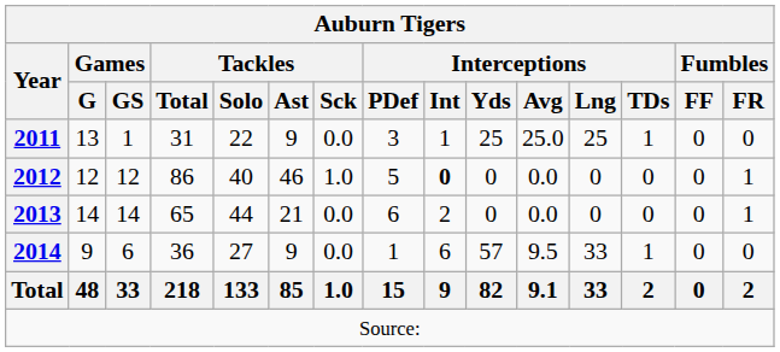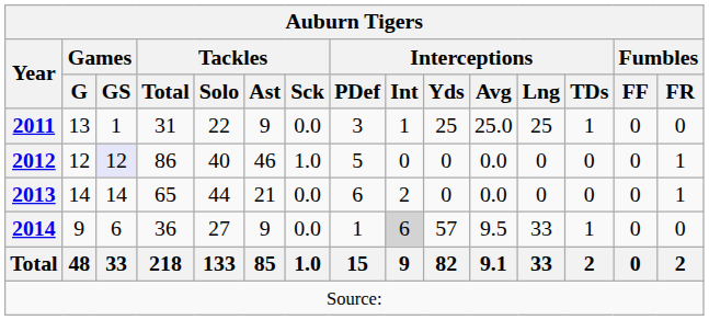 <table class="wikitable" style="text-align: center;">
 <tr>
 <th colspan="15"><strong>Auburn Tigers</strong></th>
 </tr>
 <tr>
 <th rowspan="2">Year</th>
 <th colspan="2">Games</th>
 <th colspan=4>Tackles</th>
 <th colspan=6>Interceptions</th>
 <th colspan=2>Fumbles</th>
 </tr>
 <tr>
 <th>G</th>
 <th>GS</th>
 <th>Total</th>
 <th>Solo</th>
 <th>Ast</th>
 <th>Sck</th>
 <th>PDef</th>
 <th>Int</th>
 <th>Yds</th>
 <th>Avg</th>
 <th>Lng</th>
 <th>TDs</th>
 <th>FF</th>
 <th>FR</th>
 </tr>
 <tr>
 <th><a href='#'>2011</a></th>
 <td>13</td>
 <td>1</td>
 <td>31</td>
 <td>22</td>
 <td>9</td>
 <td>0.0</td>
 <td>3</td>
 <td>1</td>
 <td>25</td>
 <td>25.0</td>
 <td>25</td>
 <td>1</td>
 <td>0</td>
 <td>0</td>
 </tr>
 <tr>
 <th><a href='#'>2012</a></th>
 <td>12</td>
-<td>12</td>
+<td style="background: lavender;">12</td>
 <td>86</td>
 <td>40</td>
 <td>46</td>
 <td>1.0</td>
 <td>5</td>
-<td><strong>0</strong></td>
+<td>0</td>
 <td>0</td>
 <td>0.0</td>
 <td>0</td>
 <td>0</td>
 <td>0</td>
 <td>1</td>
 </tr>
 <tr>
 <th><a href='#'>2013</a></th>
 <td>14</td>
 <td>14</td>
 <td>65</td>
 <td>44</td>
 <td>21</td>
 <td>0.0</td>
 <td>6</td>
 <td>2</td>
 <td>0</td>
 <td>0.0</td>
 <td>0</td>
 <td>0</td>
 <td>0</td>
 <td>1</td>
 </tr>
 <tr>
 <th><a href='#'>2014</a></th>
 <td>9</td>
 <td>6</td>
 <td>36</td>
 <td>27</td>
 <td>9</td>
 <td>0.0</td>
 <td>1</td>
-<td>6</td>
+<td style="background: lightgrey;">6</td>
 <td>57</td>
 <td>9.5</td>
 <td>33</td>
 <td>1</td>
 <td>0</td>
 <td>0</td>
 </tr>
 <tr>
 <th>Total</th>
 <th>48</th>
 <th>33</th>
 <th>218</th>
 <th>133</th>
 <th>85</th>
 <th>1.0</th>
 <th>15</th>
 <th>9</th>
 <th>82</th>
 <th>9.1</th>
 <th>33</th>
 <th>2</th>
 <th>0</th>
 <th>2</th>
 </tr>
 <tr>
 <td colspan="15"><small>Source:  </small></td>
 </tr>
 </table>
